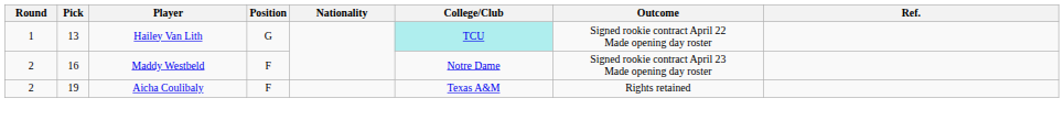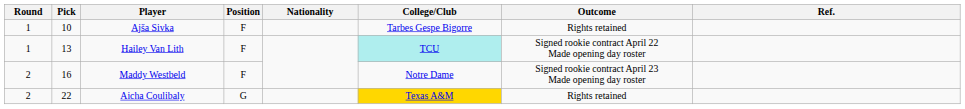 <table class="wikitable sortable sortable" style="text-align: center">
 <tr>
 <th width="5%">Round</th>
 <th width="3%">Pick</th>
 <th width="15%">Player</th>
 <th width="3%">Position</th>
 <th width="10%">Nationality</th>
 <th width="15%">College/Club</th>
 <th width="20%">Outcome</th>
 <th>Ref.</th>
 </tr>
 <tr>
 <td>1</td>
+<td>10</td>
+<td><a href='#'>Ajša Sivka</a></td>
+<td>F</td>
+<td></td>
+<td><a href='#'>Tarbes Gespe Bigorre</a></td>
+<td>Rights retained</td>
+<td></td>
+</tr>
+<tr>
+<td>1</td>
 <td>13</td>
 <td><a href='#'>Hailey Van Lith</a></td>
-<td>G</td>
+<td>F</td>
 <td rowspan=2></td>
 <td style="background: paleturquoise;"><a href='#'>TCU</a></td>
 <td>Signed rookie contract April 22<br>Made opening day roster</td>
 <td></td>
 </tr>
 <tr>
 <td>2</td>
 <td>16</td>
 <td><a href='#'>Maddy Westbeld</a></td>
 <td>F</td>
 <td><a href='#'>Notre Dame</a></td>
 <td>Signed rookie contract April 23<br>Made opening day roster</td>
 <td></td>
 </tr>
 <tr>
 <td>2</td>
-<td>19</td>
+<td>22</td>
 <td><a href='#'>Aicha Coulibaly</a></td>
-<td>F</td>
+<td>G</td>
 <td></td>
-<td><a href='#'>Texas A&M</a></td>
+<td style="background: gold;"><a href='#'>Texas A&M</a></td>
 <td>Rights retained</td>
 <td></td>
 </tr>
 </table>
